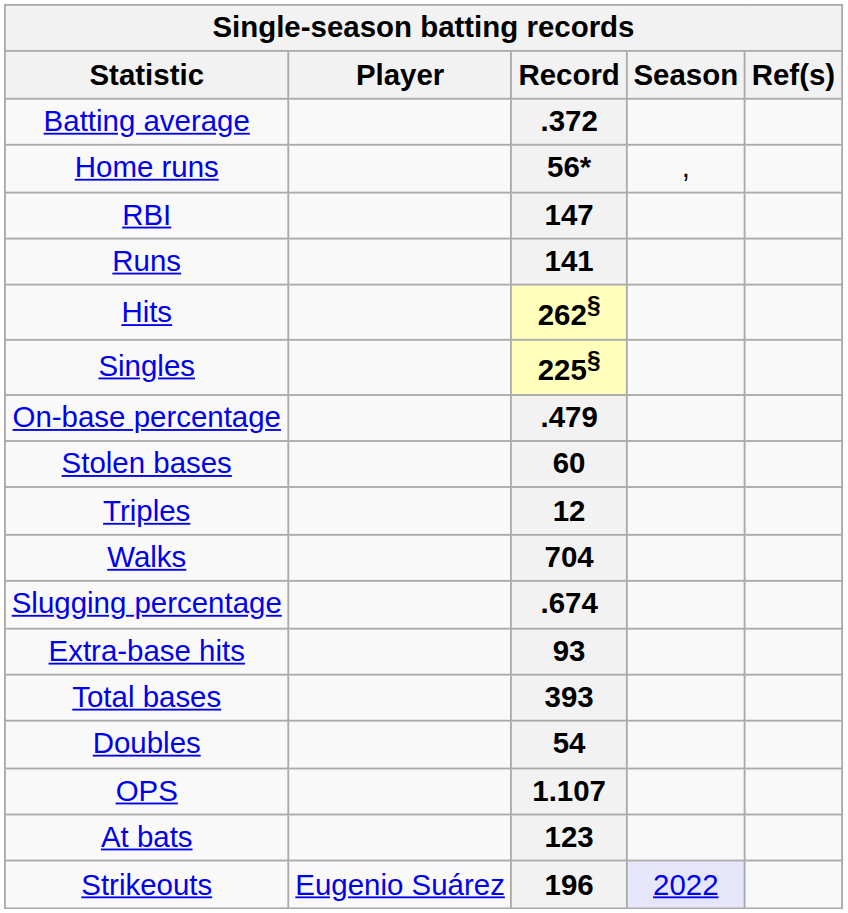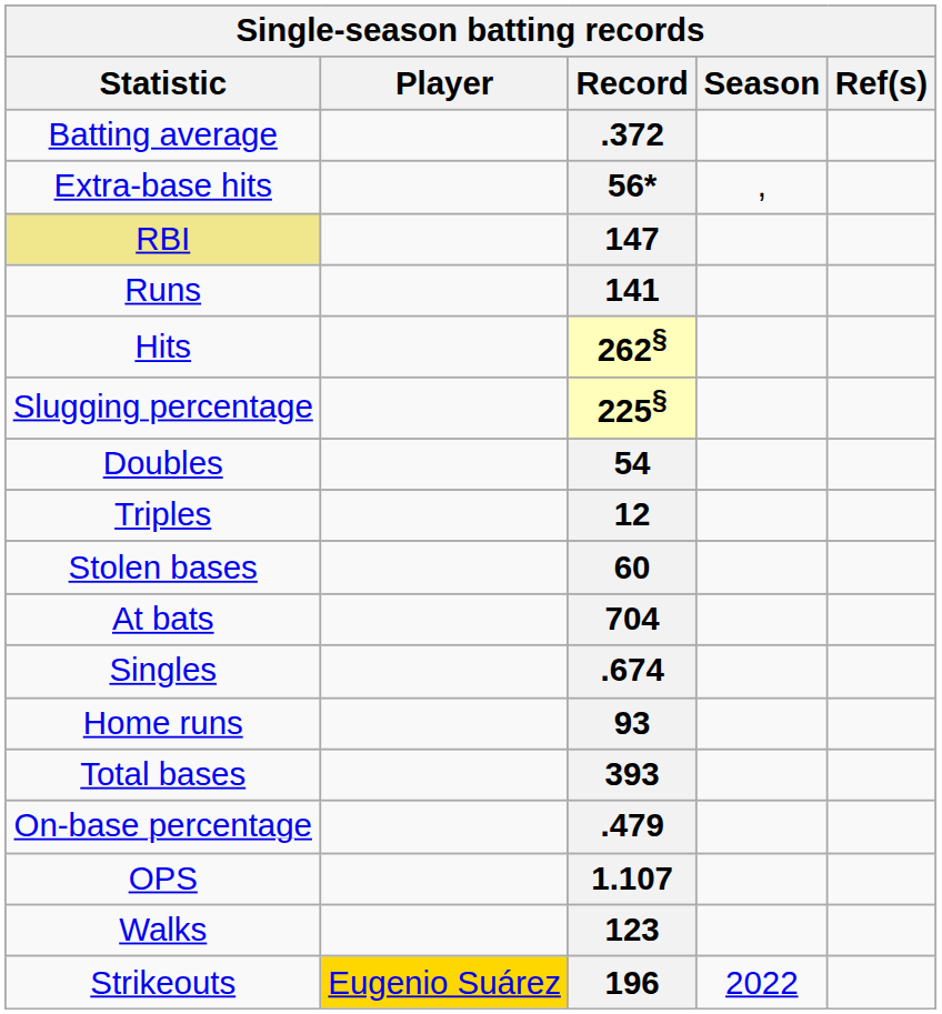 <table class="wikitable sortable" style="text-align:center">
 <tr>
 <th colspan=5>Single-season batting records</th>
 </tr>
 <tr>
 <th scope="col">Statistic</th>
 <th scope="col">Player</th>
 <th scope="col" class="unsortable">Record</th>
 <th scope="col">Season</th>
 <th scope="col" class="unsortable">Ref(s)</th>
 </tr>
 <tr>
 <td><a href='#'>Batting average</a></td>
 <td></td>
 <th scope="row">.372</th>
 <td></td>
 <td></td>
 </tr>
 <tr>
-<td><a href='#'>Home runs</a></td>
+<td><a href='#'>Extra-base hits</a></td>
 <td></td>
 <th scope="row">56*</th>
 <td>, </td>
 <td></td>
 </tr>
 <tr>
-<td><a href='#'>RBI</a></td>
+<td style="background: khaki;"><a href='#'>RBI</a></td>
 <td></td>
 <th scope="row">147</th>
 <td></td>
 <td></td>
 </tr>
 <tr>
 <td><a href='#'>Runs</a></td>
 <td></td>
 <th scope="row">141</th>
 <td></td>
 <td></td>
 </tr>
 <tr>
 <td><a href='#'>Hits</a></td>
 <td></td>
 <th scope="row" style="background-color:#ffffbb">262<sup>§</sup></th>
 <td></td>
 <td></td>
 </tr>
 <tr>
-<td><a href='#'>Singles</a></td>
+<td><a href='#'>Slugging percentage</a></td>
 <td></td>
 <th scope="row" style="background-color:#ffffbb">225<sup>§</sup></th>
 <td></td>
 <td></td>
 </tr>
 <tr>
-<td><a href='#'>On-base percentage</a></td>
+<td><a href='#'>Doubles</a></td>
 <td></td>
-<th scope="row">.479</th>
+<th scope="row">54</th>
+<td></td>
+<td></td>
+</tr>
+<tr>
+<td><a href='#'>Triples</a></td>
+<td></td>
+<th scope="row">12</th>
 <td></td>
 <td></td>
 </tr>
 <tr>
 <td><a href='#'>Stolen bases</a></td>
 <td></td>
 <th scope="row">60</th>
 <td></td>
 <td></td>
 </tr>
 <tr>
-<td><a href='#'>Triples</a></td>
-<td></td>
-<th scope="row">12</th>
-<td></td>
-<td></td>
-</tr>
-<tr>
-<td><a href='#'>Walks</a></td>
+<td><a href='#'>At bats</a></td>
 <td></td>
 <th scope="row">704</th>
 <td></td>
 <td></td>
 </tr>
 <tr>
-<td><a href='#'>Slugging percentage</a></td>
+<td><a href='#'>Singles</a></td>
 <td></td>
 <th scope="row">.674</th>
 <td></td>
 <td></td>
 </tr>
 <tr>
-<td><a href='#'>Extra-base hits</a></td>
+<td><a href='#'>Home runs</a></td>
 <td></td>
 <th scope="row">93</th>
 <td></td>
 <td></td>
 </tr>
 <tr>
 <td><a href='#'>Total bases</a></td>
 <td></td>
 <th scope="row">393</th>
 <td></td>
 <td></td>
 </tr>
 <tr>
-<td><a href='#'>Doubles</a></td>
+<td><a href='#'>On-base percentage</a></td>
 <td></td>
-<th scope="row">54</th>
+<th scope="row">.479</th>
 <td></td>
 <td></td>
 </tr>
 <tr>
 <td><a href='#'>OPS</a></td>
 <td></td>
 <th scope="row">1.107</th>
 <td></td>
 <td></td>
 </tr>
 <tr>
-<td><a href='#'>At bats</a></td>
+<td><a href='#'>Walks</a></td>
 <td></td>
 <th scope="row">123</th>
 <td></td>
 <td></td>
 </tr>
 <tr>
 <td><a href='#'>Strikeouts</a></td>
-<td><a href='#'>Eugenio Suárez</a></td>
+<td style="background: gold;"><a href='#'>Eugenio Suárez</a></td>
 <th scope="row">196</th>
-<td style="background: lavender;"><a href='#'>2022</a></td>
+<td><a href='#'>2022</a></td>
 <td></td>
 </tr>
 </table>
